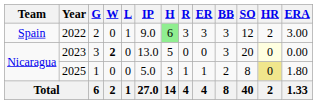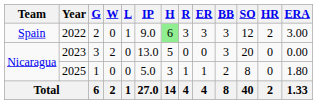 <table class="wikitable sortable" style="text-align:center">
 <tr>
 <th>Team</th>
 <th>Year</th>
 <th><a href='#'>G</a></th>
 <th><a href='#'>W</a></th>
 <th><a href='#'>L</a></th>
 <th><a href='#'>IP</a></th>
 <th><a href='#'>H</a></th>
 <th><a href='#'>R</a></th>
 <th><a href='#'>ER</a></th>
 <th><a href='#'>BB</a></th>
 <th><a href='#'>SO</a></th>
 <th><a href='#'>HR</a></th>
 <th><a href='#'>ERA</a></th>
 </tr>
 <tr>
 <td><a href='#'>Spain</a></td>
 <td>2022</td>
 <td>2</td>
 <td>0</td>
 <td>1</td>
 <td>9.0</td>
 <td style="background: lightgreen;">6</td>
 <td>3</td>
 <td>3</td>
 <td>3</td>
 <td>12</td>
 <td>2</td>
 <td>3.00</td>
 </tr>
 <tr>
 <td rowspan=2><a href='#'>Nicaragua</a></td>
 <td>2023</td>
 <td>3</td>
-<td><strong>2</strong></td>
+<td>2</td>
 <td>0</td>
 <td>13.0</td>
 <td>5</td>
 <td>0</td>
 <td>0</td>
 <td>3</td>
 <td>20</td>
-<td style="background: lightyellow;">0</td>
+<td>0</td>
 <td>0.00</td>
 </tr>
 <tr>
 <td>2025</td>
 <td>1</td>
 <td>0</td>
 <td>0</td>
 <td>5.0</td>
 <td>3</td>
 <td>1</td>
 <td>1</td>
 <td>2</td>
 <td>8</td>
-<td style="background: khaki;">0</td>
+<td>0</td>
 <td>1.80</td>
 </tr>
 <tr>
 <th colspan=2>Total</th>
 <th>6</th>
 <th>2</th>
 <th>1</th>
 <th>27.0</th>
 <th>14</th>
 <th>4</th>
 <th>4</th>
 <th>8</th>
 <th>40</th>
 <th>2</th>
 <th>1.33</th>
 </tr>
 </table>
